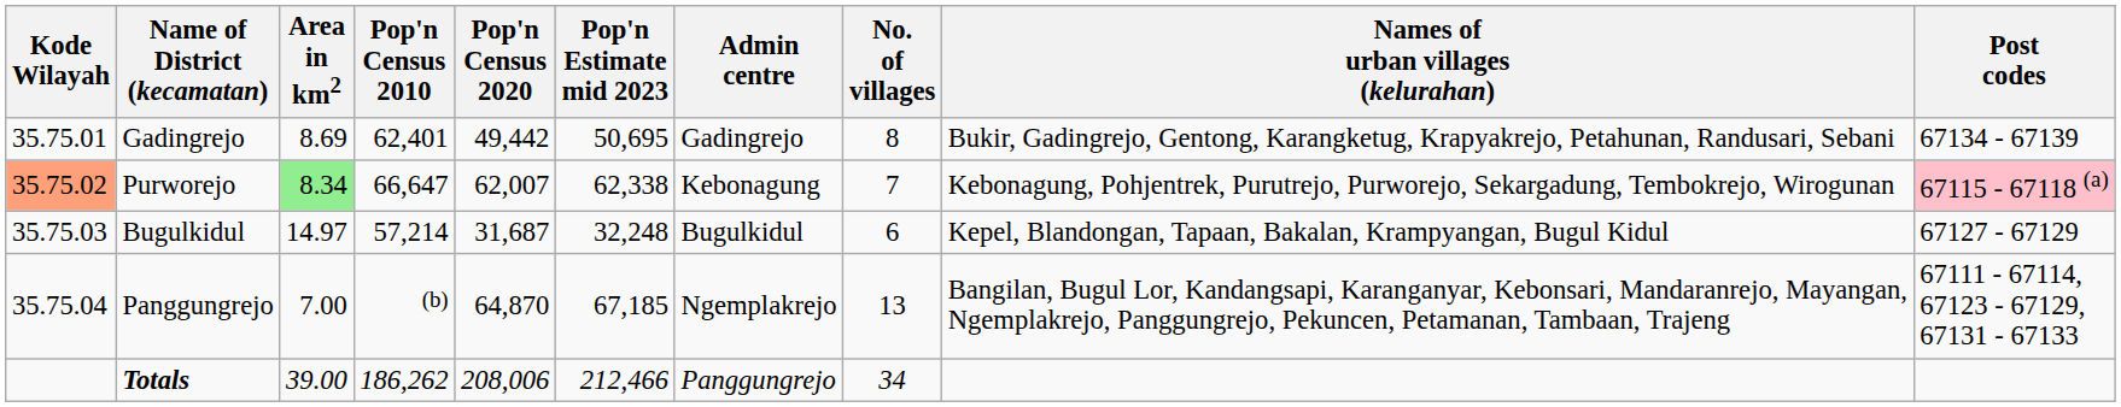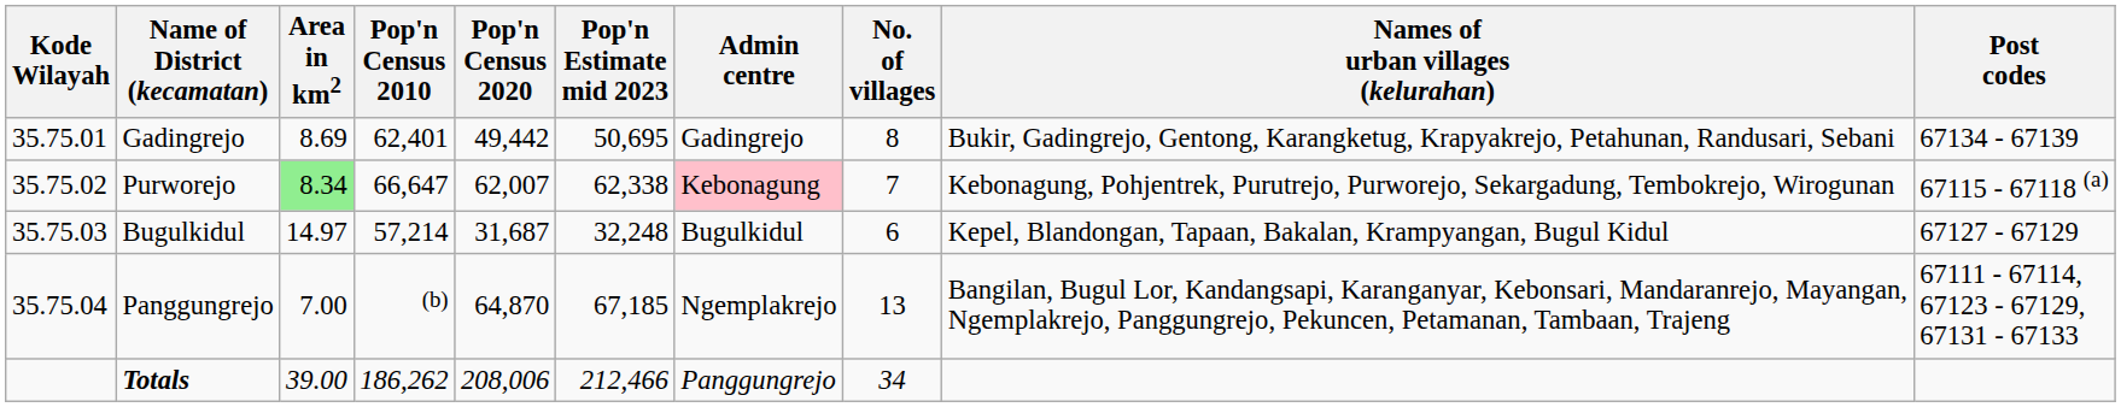 <table class="sortable wikitable">
 <tr>
 <th>Kode <br>Wilayah</th>
 <th>Name of<br>District<br>(<em>kecamatan</em>)</th>
 <th>Area <br>in<br> km<sup>2</sup></th>
 <th>Pop'n<br>Census<br>2010</th>
 <th>Pop'n<br>Census<br>2020</th>
 <th>Pop'n<br>Estimate<br>mid 2023</th>
 <th>Admin<br>centre</th>
 <th>No.<br>of<br>villages</th>
 <th>Names of<br>urban villages<br>(<em>kelurahan</em>)</th>
 <th>Post<br>codes</th>
 </tr>
 <tr>
 <td>35.75.01</td>
 <td>Gadingrejo</td>
 <td align="right">8.69</td>
 <td align="right">62,401</td>
 <td align="right">49,442</td>
 <td align="right">50,695</td>
 <td>Gadingrejo</td>
 <td align="center">8</td>
 <td>Bukir, Gadingrejo, Gentong, Karangketug, Krapyakrejo, Petahunan, Randusari, Sebani</td>
 <td>67134 - 67139</td>
 </tr>
 <tr>
-<td style="background: lightsalmon;">35.75.02</td>
+<td>35.75.02</td>
 <td>Purworejo</td>
 <td align="right" style="background: lightgreen;">8.34</td>
 <td align="right">66,647</td>
 <td align="right">62,007</td>
 <td align="right">62,338</td>
-<td>Kebonagung</td>
+<td style="background: pink;">Kebonagung</td>
 <td align="center">7</td>
 <td>Kebonagung, Pohjentrek, Purutrejo, Purworejo, Sekargadung, Tembokrejo, Wirogunan</td>
-<td style="background: pink;">67115 - 67118 <sup>(a)</sup></td>
+<td>67115 - 67118 <sup>(a)</sup></td>
 </tr>
 <tr>
 <td>35.75.03</td>
 <td>Bugulkidul</td>
 <td align="right">14.97</td>
 <td align="right">57,214</td>
 <td align="right">31,687</td>
 <td align="right">32,248</td>
 <td>Bugulkidul</td>
 <td align="center">6</td>
 <td>Kepel, Blandongan, Tapaan, Bakalan, Krampyangan, Bugul Kidul</td>
 <td>67127 - 67129</td>
 </tr>
 <tr>
 <td>35.75.04</td>
 <td>Panggungrejo</td>
 <td align="right">7.00</td>
 <td align="right"><sup>(b)</sup></td>
 <td align="right">64,870</td>
 <td align="right">67,185</td>
 <td>Ngemplakrejo</td>
 <td align="center">13</td>
 <td>Bangilan, Bugul Lor, Kandangsapi, Karanganyar, Kebonsari, Mandaranrejo, Mayangan, <br>Ngemplakrejo, Panggungrejo, Pekuncen, Petamanan, Tambaan, Trajeng</td>
 <td>67111 - 67114,<br>67123 - 67129,<br>67131 - 67133</td>
 </tr>
 <tr>
 <td></td>
 <td><strong><em>Totals</em></strong></td>
 <td align="right"><em>39.00</em></td>
 <td align="right"><em>186,262</em></td>
 <td align="right"><em>208,006</em></td>
 <td align="right"><em>212,466</em></td>
 <td><em>Panggungrejo</em></td>
 <td align="center"><em>34</em></td>
 <td></td>
 </tr>
 </table>
